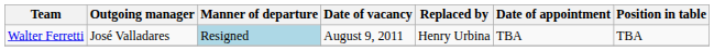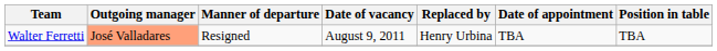 <table class="wikitable">
 <tr>
 <th>Team</th>
 <th>Outgoing manager</th>
 <th>Manner of departure</th>
 <th>Date of vacancy</th>
 <th>Replaced by</th>
 <th>Date of appointment</th>
 <th>Position in table</th>
 </tr>
 <tr>
 <td><a href='#'>Walter Ferretti</a></td>
-<td> José Valladares</td>
-<td style="background: lightblue;">Resigned</td>
+<td style="background: lightsalmon;"> José Valladares</td>
+<td>Resigned</td>
 <td>August 9, 2011</td>
 <td> Henry Urbina</td>
 <td>TBA</td>
 <td>TBA</td>
 </tr>
 <tr>
 </tr>
 </table>
